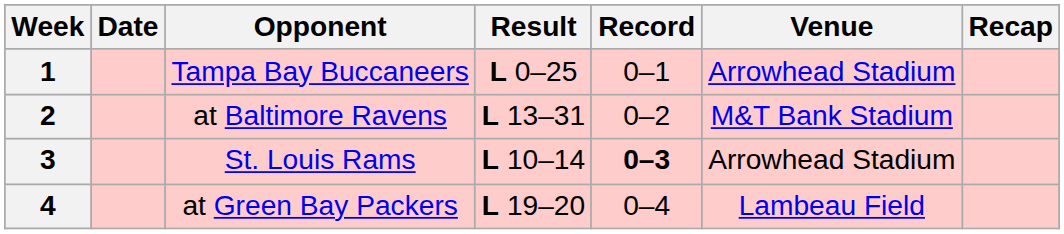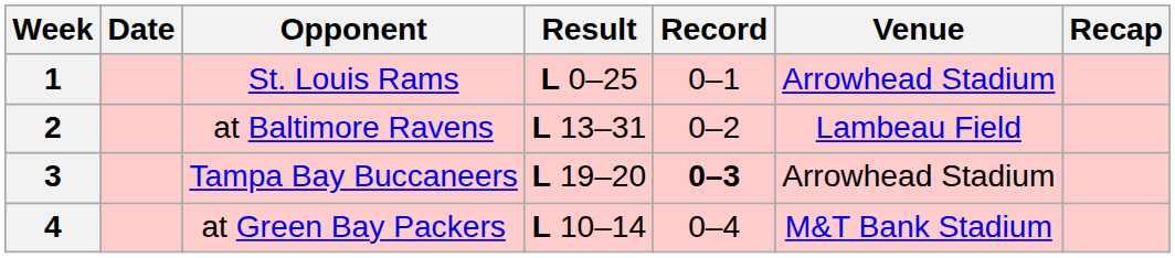 <table class="wikitable" style="text-align:center">
 <tr>
 <th>Week</th>
 <th>Date</th>
 <th>Opponent</th>
 <th>Result</th>
 <th>Record</th>
 <th>Venue</th>
 <th>Recap</th>
 </tr>
 <tr style="background:#fcc">
 <th>1</th>
 <td></td>
-<td><a href='#'>Tampa Bay Buccaneers</a></td>
+<td><a href='#'>St. Louis Rams</a></td>
 <td><strong>L</strong> 0–25</td>
 <td>0–1</td>
 <td><a href='#'>Arrowhead Stadium</a></td>
 <td></td>
 </tr>
 <tr style="background:#fcc">
 <th>2</th>
 <td></td>
 <td>at <a href='#'>Baltimore Ravens</a></td>
 <td><strong>L</strong> 13–31</td>
 <td>0–2</td>
-<td><a href='#'>M&T Bank Stadium</a></td>
+<td><a href='#'>Lambeau Field</a></td>
 <td></td>
 </tr>
 <tr style="background:#fcc">
 <th>3</th>
 <td></td>
-<td><a href='#'>St. Louis Rams</a></td>
-<td><strong>L</strong> 10–14</td>
+<td><a href='#'>Tampa Bay Buccaneers</a></td>
+<td><strong>L</strong> 19–20</td>
 <td><strong>0–3</strong></td>
 <td>Arrowhead Stadium</td>
 <td></td>
 </tr>
 <tr style="background:#fcc">
 <th>4</th>
 <td></td>
 <td>at <a href='#'>Green Bay Packers</a></td>
-<td><strong>L</strong> 19–20</td>
+<td><strong>L</strong> 10–14</td>
 <td>0–4</td>
-<td><a href='#'>Lambeau Field</a></td>
+<td><a href='#'>M&T Bank Stadium</a></td>
 <td></td>
 </tr>
 </table>
